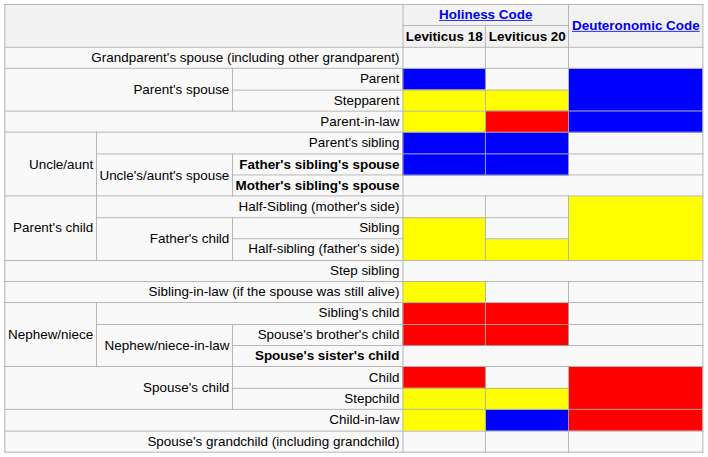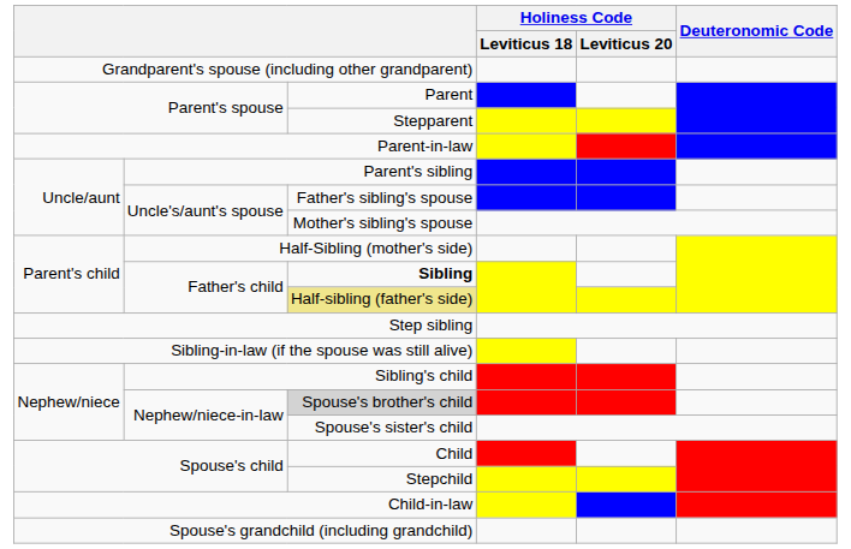 <table class="wikitable" style="margin:1em auto; text-align:right;">
 <tr>
 <th colspan="3" rowspan="2"></th>
 <th colspan="2"><a href='#'>Holiness Code</a></th>
 <th rowspan="2"><a href='#'>Deuteronomic Code</a></th>
 </tr>
 <tr>
 <th>Leviticus 18</th>
 <th>Leviticus 20</th>
 </tr>
 <tr>
 <td colspan="3">Grandparent's spouse (including other grandparent)</td>
 <td style="background;"></td>
 <td></td>
 <td></td>
 </tr>
 <tr>
 <td colspan="2" rowspan="2">Parent's spouse</td>
 <td>Parent</td>
 <td style="background:blue;"></td>
 <td></td>
 <td rowspan="2" style="background:blue;"></td>
 </tr>
 <tr>
 <td>Stepparent</td>
 <td style="background:#ffff00;"></td>
 <td style="background:#ffff00;"></td>
 </tr>
 <tr>
 <td colspan="3">Parent-in-law</td>
 <td style="background:#ffff00;"></td>
 <td style="background:red ;"></td>
 <td style="background:blue;"></td>
 </tr>
 <tr>
 <td rowspan="3">Uncle/aunt</td>
 <td colspan="2">Parent's sibling</td>
 <td style="background:blue;"></td>
 <td style="background:blue;"></td>
 <td></td>
 </tr>
 <tr>
 <td rowspan="2">Uncle's/aunt's spouse</td>
-<td><strong>Father's sibling's spouse</strong></td>
+<td>Father's sibling's spouse</td>
 <td style="background:blue;"></td>
 <td style="background:blue;"></td>
 <td></td>
 </tr>
 <tr>
-<td><strong>Mother's sibling's spouse</strong></td>
+<td>Mother's sibling's spouse</td>
 <td colspan="3"></td>
 </tr>
 <tr>
 <td rowspan="3">Parent's child</td>
 <td colspan="2">Half-Sibling (mother's side)</td>
 <td></td>
 <td></td>
 <td rowspan="3" style="background:#ffff00;"></td>
 </tr>
 <tr>
 <td rowspan="2">Father's child</td>
-<td>Sibling</td>
+<td><strong>Sibling</strong></td>
 <td rowspan="2" style="background:#ffff00;"></td>
 <td></td>
 </tr>
 <tr>
-<td>Half-sibling (father's side)</td>
+<td style="background: khaki;">Half-sibling (father's side)</td>
 <td style="background:#ffff00;"></td>
 </tr>
 <tr>
 <td colspan="3">Step sibling</td>
 <td colspan="3"></td>
 </tr>
 <tr>
 <td colspan="3">Sibling-in-law (if the spouse was still alive)</td>
 <td style="background:#ffff00;"></td>
 <td></td>
 <td></td>
 </tr>
 <tr>
 <td rowspan="3">Nephew/niece</td>
 <td colspan="2">Sibling's child</td>
 <td style="background:red ;"></td>
 <td style="background:red ;"></td>
 <td></td>
 </tr>
 <tr>
 <td rowspan="2">Nephew/niece-in-law</td>
-<td>Spouse's brother's child</td>
+<td style="background: lightgrey;">Spouse's brother's child</td>
 <td style="background:red ;"></td>
 <td style="background:red ;"></td>
 <td></td>
 </tr>
 <tr>
-<td><strong>Spouse's sister's child</strong></td>
+<td>Spouse's sister's child</td>
 <td colspan="3"></td>
 </tr>
 <tr>
 <td colspan="2" rowspan="2">Spouse's child</td>
 <td>Child</td>
 <td style="background:#ff0000 ;"></td>
 <td></td>
 <td rowspan="2" style="background:red ;"></td>
 </tr>
 <tr>
 <td>Stepchild</td>
 <td style="background:#ffff00;"></td>
 <td style="background:#ffff00;"></td>
 </tr>
 <tr>
 <td colspan="3">Child-in-law</td>
 <td style="background:#ffff00;"></td>
 <td style="background:blue;"></td>
 <td style="background:red ;"></td>
 </tr>
 <tr>
 <td colspan="3">Spouse's grandchild (including grandchild)</td>
 <td style="background:"></td>
 <td></td>
 <td></td>
 </tr>
 </table>
